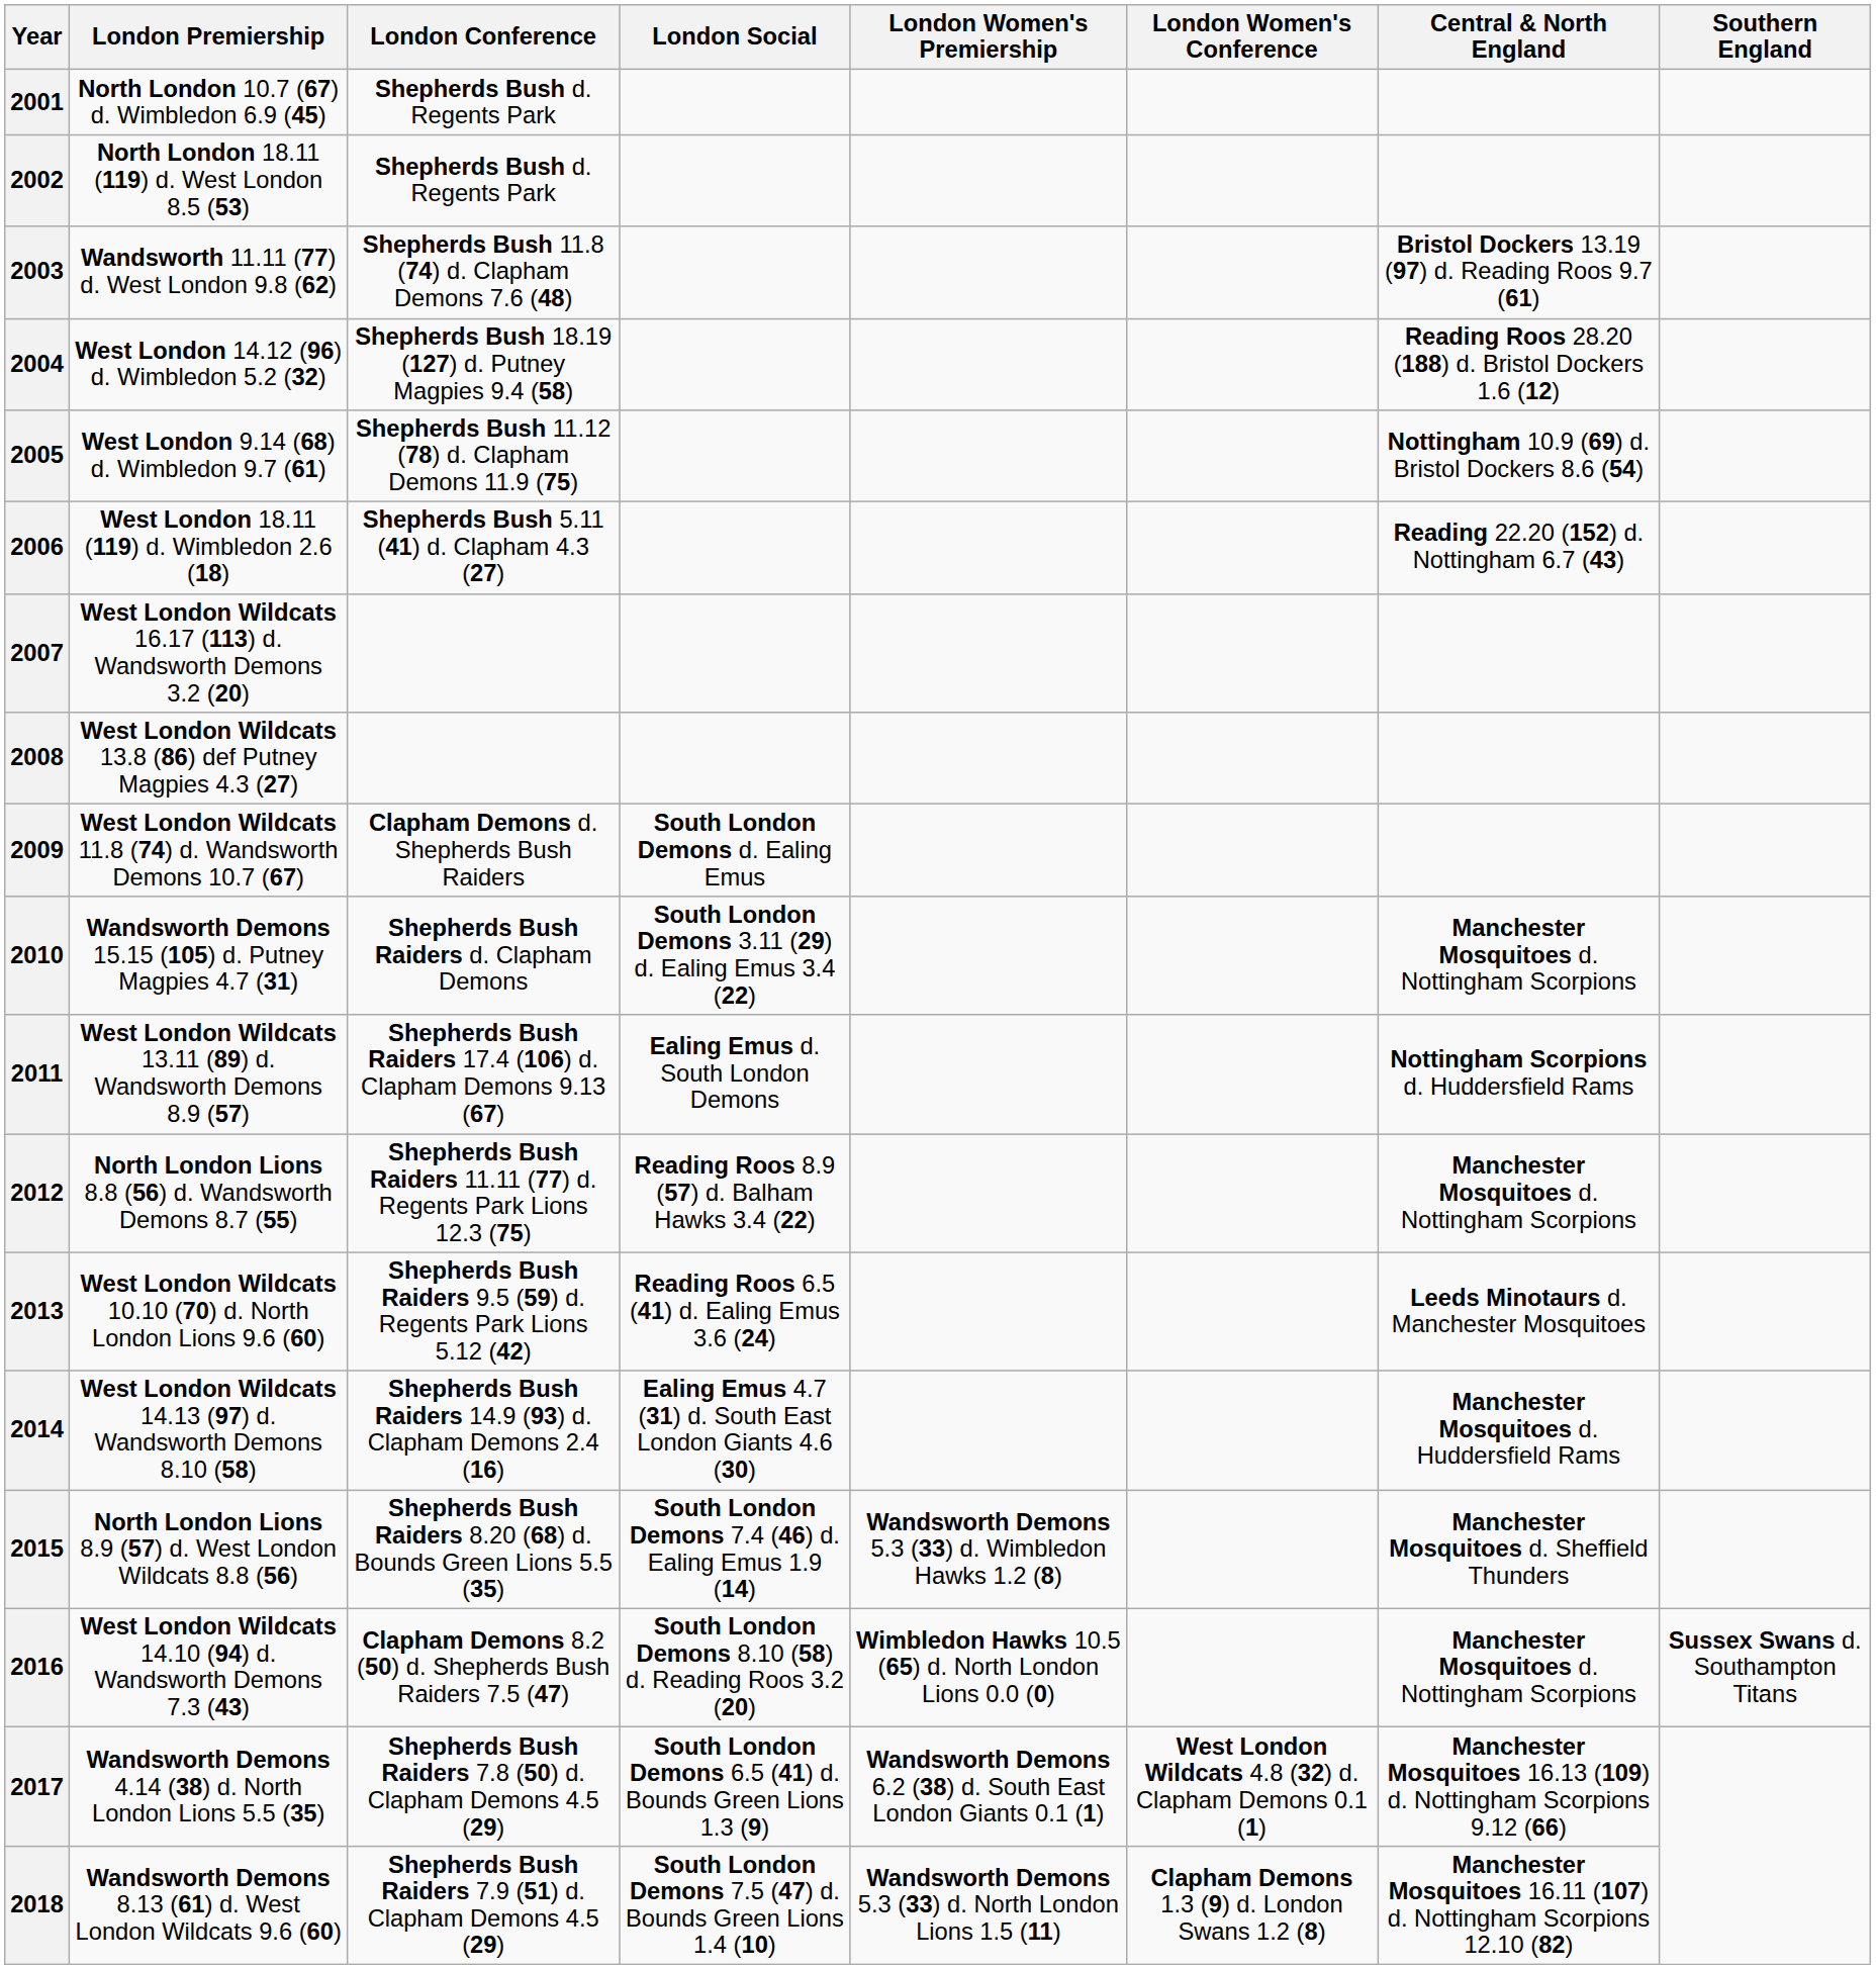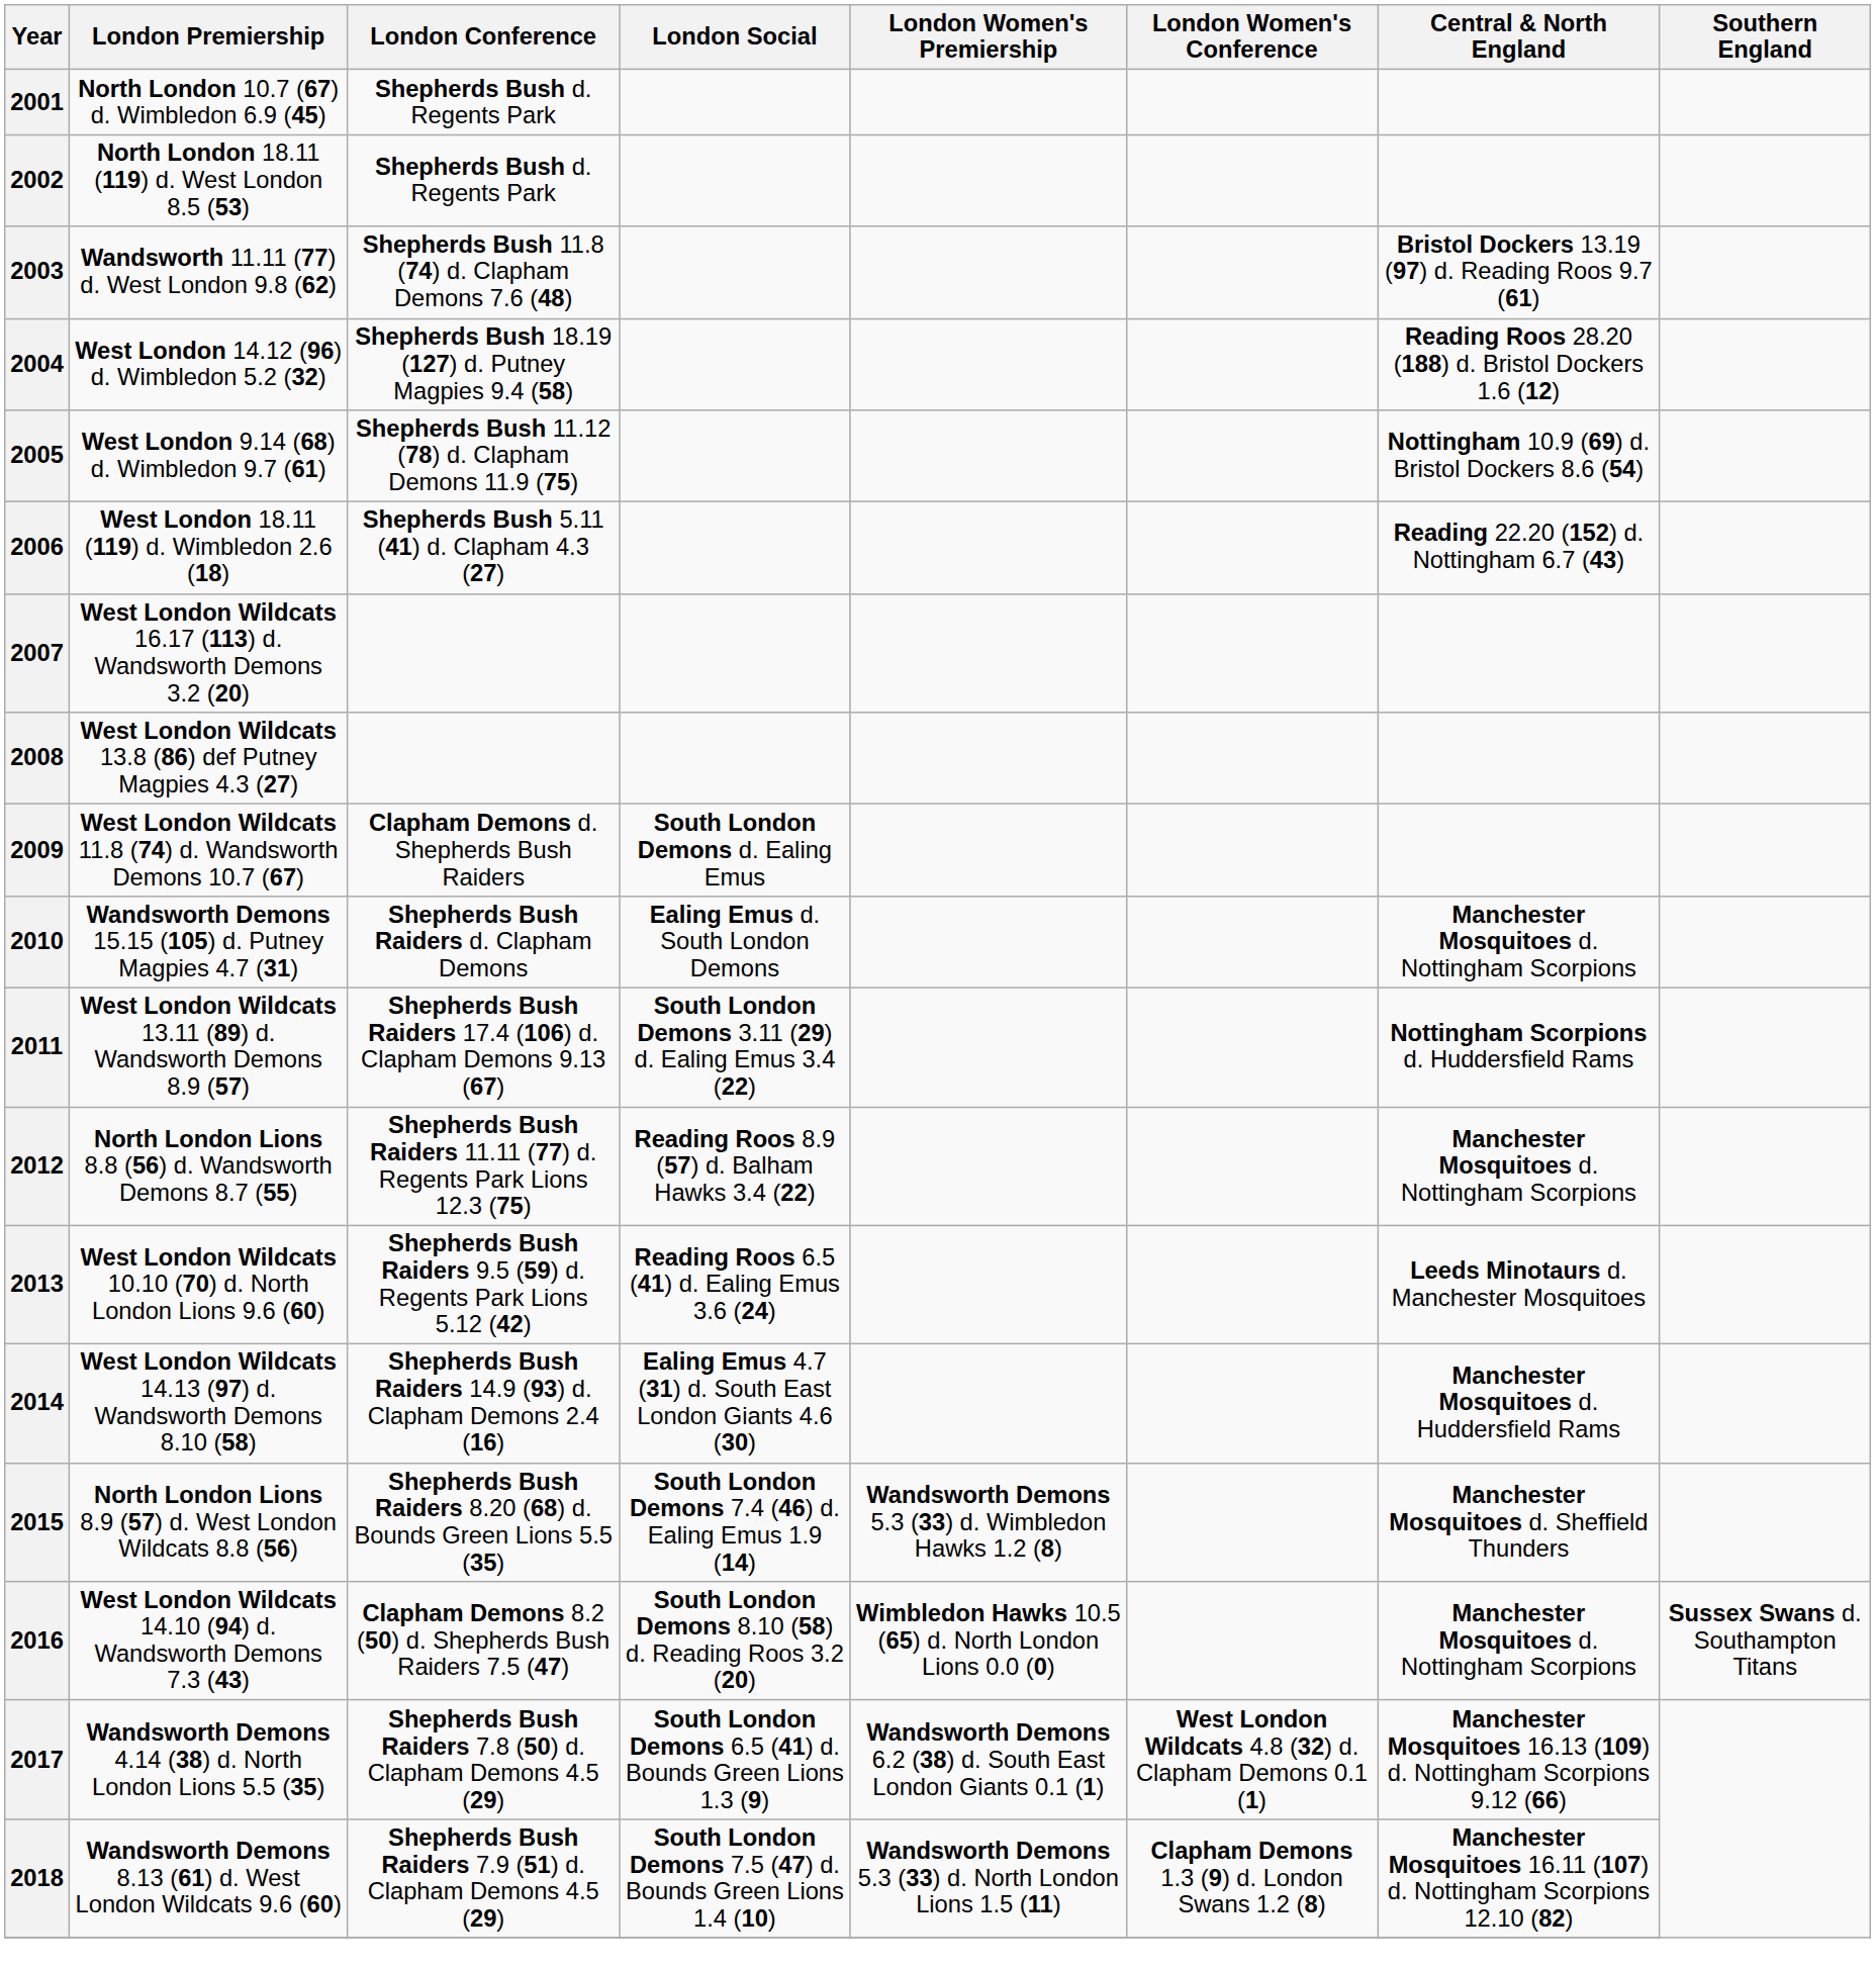 <table class="wikitable" style="text-align:center">
 <tr>
 <th>Year</th>
 <th>London Premiership</th>
 <th>London Conference</th>
 <th>London Social</th>
 <th>London Women's Premiership</th>
 <th>London Women's Conference</th>
 <th>Central & North England</th>
 <th>Southern England</th>
 </tr>
 <tr>
 <th>2001</th>
 <td><strong>North London</strong> 10.7 (<strong>67</strong>) d. Wimbledon 6.9 (<strong>45</strong>)</td>
 <td><strong>Shepherds Bush</strong> d. Regents Park</td>
 <td></td>
 <td></td>
 <td></td>
 <td></td>
 <td></td>
 </tr>
 <tr>
 <th>2002</th>
 <td><strong>North London</strong> 18.11 (<strong>119</strong>) d. West London 8.5 (<strong>53</strong>)</td>
 <td><strong>Shepherds Bush</strong> d. Regents Park</td>
 <td></td>
 <td></td>
 <td></td>
 <td></td>
 <td></td>
 </tr>
 <tr>
 <th>2003</th>
 <td><strong>Wandsworth</strong> 11.11 (<strong>77</strong>) d. West London 9.8 (<strong>62</strong>)</td>
 <td><strong>Shepherds Bush</strong> 11.8 (<strong>74</strong>) d. Clapham Demons 7.6 (<strong>48</strong>)</td>
 <td></td>
 <td></td>
 <td></td>
 <td><strong>Bristol Dockers</strong> 13.19 (<strong>97</strong>) d. Reading Roos 9.7 (<strong>61</strong>)</td>
 <td></td>
 </tr>
 <tr>
 <th>2004</th>
 <td><strong>West London</strong> 14.12 (<strong>96</strong>) d. Wimbledon 5.2 (<strong>32</strong>)</td>
 <td><strong>Shepherds Bush</strong> 18.19 (<strong>127</strong>) d. Putney Magpies 9.4 (<strong>58</strong>)</td>
 <td></td>
 <td></td>
 <td></td>
 <td><strong>Reading Roos</strong> 28.20 (<strong>188</strong>) d. Bristol Dockers 1.6 (<strong>12</strong>)</td>
 <td></td>
 </tr>
 <tr>
 <th>2005</th>
 <td><strong>West London</strong> 9.14 (<strong>68</strong>) d. Wimbledon 9.7 (<strong>61</strong>)</td>
 <td><strong>Shepherds Bush</strong> 11.12 (<strong>78</strong>) d. Clapham Demons 11.9 (<strong>75</strong>)</td>
 <td></td>
 <td></td>
 <td></td>
 <td><strong>Nottingham</strong> 10.9 (<strong>69</strong>) d. Bristol Dockers 8.6 (<strong>54</strong>)</td>
 <td></td>
 </tr>
 <tr>
 <th>2006</th>
 <td><strong>West London</strong> 18.11 (<strong>119</strong>) d. Wimbledon 2.6 (<strong>18</strong>)</td>
 <td><strong>Shepherds Bush</strong> 5.11 (<strong>41</strong>) d. Clapham 4.3 (<strong>27</strong>)</td>
 <td></td>
 <td></td>
 <td></td>
 <td><strong>Reading</strong> 22.20 (<strong>152</strong>) d. Nottingham 6.7 (<strong>43</strong>)</td>
 <td></td>
 </tr>
 <tr>
 <th>2007</th>
 <td><strong>West London Wildcats</strong> 16.17 (<strong>113</strong>) d. Wandsworth Demons 3.2 (<strong>20</strong>)</td>
 <td></td>
 <td></td>
 <td></td>
 <td></td>
 <td></td>
 <td></td>
 </tr>
 <tr>
 <th>2008</th>
 <td><strong>West London Wildcats</strong> 13.8 (<strong>86</strong>) def Putney Magpies 4.3 (<strong>27</strong>)</td>
 <td></td>
 <td></td>
 <td></td>
 <td></td>
 <td></td>
 <td></td>
 </tr>
 <tr>
 <th>2009</th>
 <td><strong>West London Wildcats</strong> 11.8 (<strong>74</strong>) d. Wandsworth Demons 10.7 (<strong>67</strong>)</td>
 <td><strong>Clapham Demons</strong> d. Shepherds Bush Raiders</td>
 <td><strong>South London Demons</strong> d. Ealing Emus</td>
 <td></td>
 <td></td>
 <td></td>
 <td></td>
 </tr>
 <tr>
 <th>2010</th>
 <td><strong>Wandsworth Demons</strong> 15.15 (<strong>105</strong>) d. Putney Magpies 4.7 (<strong>31</strong>)</td>
 <td><strong>Shepherds Bush Raiders</strong> d. Clapham Demons</td>
-<td><strong>South London Demons</strong> 3.11 (<strong>29</strong>) d. Ealing Emus 3.4 (<strong>22</strong>)</td>
+<td><strong>Ealing Emus</strong> d. South London Demons</td>
 <td></td>
 <td></td>
 <td><strong>Manchester Mosquitoes</strong> d. Nottingham Scorpions</td>
 <td></td>
 </tr>
 <tr>
 <th>2011</th>
 <td><strong>West London Wildcats</strong> 13.11 (<strong>89</strong>) d. Wandsworth Demons 8.9 (<strong>57</strong>)</td>
 <td><strong>Shepherds Bush Raiders</strong> 17.4 (<strong>106</strong>) d. Clapham Demons 9.13 (<strong>67</strong>)</td>
-<td><strong>Ealing Emus</strong> d. South London Demons</td>
+<td><strong>South London Demons</strong> 3.11 (<strong>29</strong>) d. Ealing Emus 3.4 (<strong>22</strong>)</td>
 <td></td>
 <td></td>
 <td><strong>Nottingham Scorpions</strong> d. Huddersfield Rams</td>
 <td></td>
 </tr>
 <tr>
 <th>2012</th>
 <td><strong>North London Lions</strong> 8.8 (<strong>56</strong>) d. Wandsworth Demons 8.7 (<strong>55</strong>)</td>
 <td><strong>Shepherds Bush Raiders</strong> 11.11 (<strong>77</strong>) d. Regents Park Lions 12.3 (<strong>75</strong>)</td>
 <td><strong>Reading Roos</strong> 8.9 (<strong>57</strong>) d. Balham Hawks 3.4 (<strong>22</strong>)</td>
 <td></td>
 <td></td>
 <td><strong>Manchester Mosquitoes</strong> d. Nottingham Scorpions</td>
 <td></td>
 </tr>
 <tr>
 <th>2013</th>
 <td><strong>West London Wildcats</strong> 10.10 (<strong>70</strong>) d. North London Lions 9.6 (<strong>60</strong>)</td>
 <td><strong>Shepherds Bush Raiders</strong> 9.5 (<strong>59</strong>) d. Regents Park Lions 5.12 (<strong>42</strong>)</td>
 <td><strong>Reading Roos</strong> 6.5 (<strong>41</strong>) d. Ealing Emus 3.6 (<strong>24</strong>)</td>
 <td></td>
 <td></td>
 <td><strong>Leeds Minotaurs</strong> d. Manchester Mosquitoes</td>
 <td></td>
 </tr>
 <tr>
 <th>2014</th>
 <td><strong>West London Wildcats</strong> 14.13 (<strong>97</strong>) d. Wandsworth Demons 8.10 (<strong>58</strong>)</td>
 <td><strong>Shepherds Bush Raiders</strong> 14.9 (<strong>93</strong>) d. Clapham Demons 2.4 (<strong>16</strong>)</td>
 <td><strong>Ealing Emus</strong> 4.7 (<strong>31</strong>) d. South East London Giants 4.6 (<strong>30</strong>)</td>
 <td></td>
 <td></td>
 <td><strong>Manchester Mosquitoes</strong> d. Huddersfield Rams</td>
 <td></td>
 </tr>
 <tr>
 <th>2015</th>
 <td><strong>North London Lions</strong> 8.9 (<strong>57</strong>) d. West London Wildcats 8.8 (<strong>56</strong>)</td>
 <td><strong>Shepherds Bush Raiders</strong> 8.20 (<strong>68</strong>) d. Bounds Green Lions 5.5 (<strong>35</strong>)</td>
 <td><strong>South London Demons</strong> 7.4 (<strong>46</strong>) d. Ealing Emus 1.9 (<strong>14</strong>)</td>
 <td><strong>Wandsworth Demons</strong> 5.3 (<strong>33</strong>) d. Wimbledon Hawks 1.2 (<strong>8</strong>)</td>
 <td></td>
 <td><strong>Manchester Mosquitoes</strong> d. Sheffield Thunders</td>
 <td></td>
 </tr>
 <tr>
 <th>2016</th>
 <td><strong>West London Wildcats</strong> 14.10 (<strong>94</strong>) d. Wandsworth Demons 7.3 (<strong>43</strong>)</td>
 <td><strong>Clapham Demons</strong> 8.2 (<strong>50</strong>) d. Shepherds Bush Raiders 7.5 (<strong>47</strong>)</td>
 <td><strong>South London Demons</strong> 8.10 (<strong>58</strong>) d. Reading Roos 3.2 (<strong>20</strong>)</td>
 <td><strong>Wimbledon Hawks</strong> 10.5 (<strong>65</strong>) d. North London Lions 0.0 (<strong>0</strong>)</td>
 <td></td>
 <td><strong>Manchester Mosquitoes</strong> d. Nottingham Scorpions</td>
 <td><strong>Sussex Swans</strong> d. Southampton Titans</td>
 </tr>
 <tr>
 <th>2017</th>
 <td><strong>Wandsworth Demons</strong> 4.14 (<strong>38</strong>) d. North London Lions 5.5 (<strong>35</strong>)</td>
 <td><strong>Shepherds Bush Raiders</strong> 7.8 (<strong>50</strong>) d. Clapham Demons 4.5 (<strong>29</strong>)</td>
 <td><strong>South London Demons</strong> 6.5 (<strong>41</strong>) d. Bounds Green Lions 1.3 (<strong>9</strong>)</td>
 <td><strong>Wandsworth Demons</strong> 6.2 (<strong>38</strong>) d. South East London Giants 0.1 (<strong>1</strong>)</td>
 <td><strong>West London Wildcats</strong> 4.8 (<strong>32</strong>) d. Clapham Demons 0.1 (<strong>1</strong>)</td>
 <td><strong>Manchester Mosquitoes</strong> 16.13 (<strong>109</strong>) d. Nottingham Scorpions 9.12 (<strong>66</strong>)</td>
 </tr>
 <tr>
 <th>2018</th>
 <td><strong>Wandsworth Demons</strong> 8.13 (<strong>61</strong>) d. West London Wildcats 9.6 (<strong>60</strong>)</td>
 <td><strong>Shepherds Bush Raiders</strong> 7.9 (<strong>51</strong>) d. Clapham Demons 4.5 (<strong>29</strong>)</td>
 <td><strong>South London Demons</strong> 7.5 (<strong>47</strong>) d. Bounds Green Lions 1.4 (<strong>10</strong>)</td>
 <td><strong>Wandsworth Demons</strong> 5.3 (<strong>33</strong>) d. North London Lions 1.5 (<strong>11</strong>)</td>
 <td><strong>Clapham Demons</strong> 1.3 (<strong>9</strong>) d. London Swans 1.2 (<strong>8</strong>)</td>
 <td><strong>Manchester Mosquitoes</strong> 16.11 (<strong>107</strong>) d. Nottingham Scorpions 12.10 (<strong>82</strong>)</td>
 </tr>
 <tr>
 </tr>
 </table>
